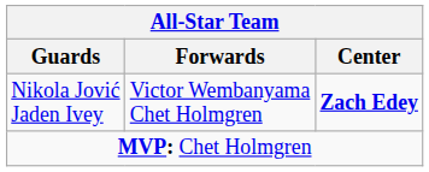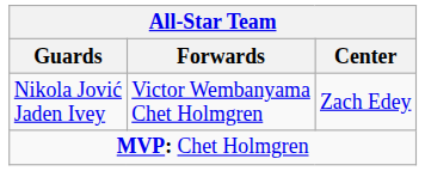 <table class=wikitable style="margin:auto">
 <tr>
 <th colspan=3 align=center><a href='#'>All-Star Team</a></th>
 </tr>
 <tr>
 <th>Guards</th>
 <th>Forwards</th>
 <th>Center</th>
 </tr>
 <tr>
 <td> <a href='#'>Nikola Jović</a><br> <a href='#'>Jaden Ivey</a></td>
 <td> <a href='#'>Victor Wembanyama</a><br> <a href='#'>Chet Holmgren</a></td>
-<td><strong> <a href='#'>Zach Edey</a></strong></td>
+<td> <a href='#'>Zach Edey</a></td>
 </tr>
 <tr>
 <td colspan=3 align=center><strong><a href='#'>MVP</a>:</strong>  <a href='#'>Chet Holmgren</a></td>
 </tr>
 </table>
